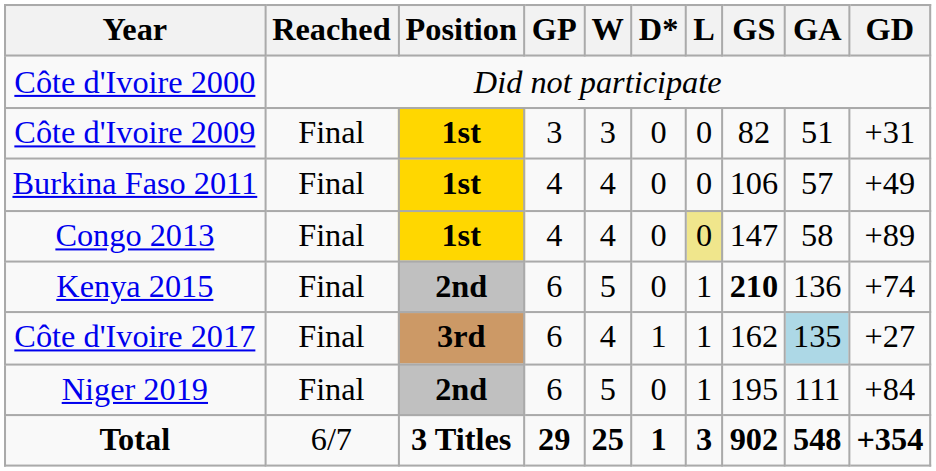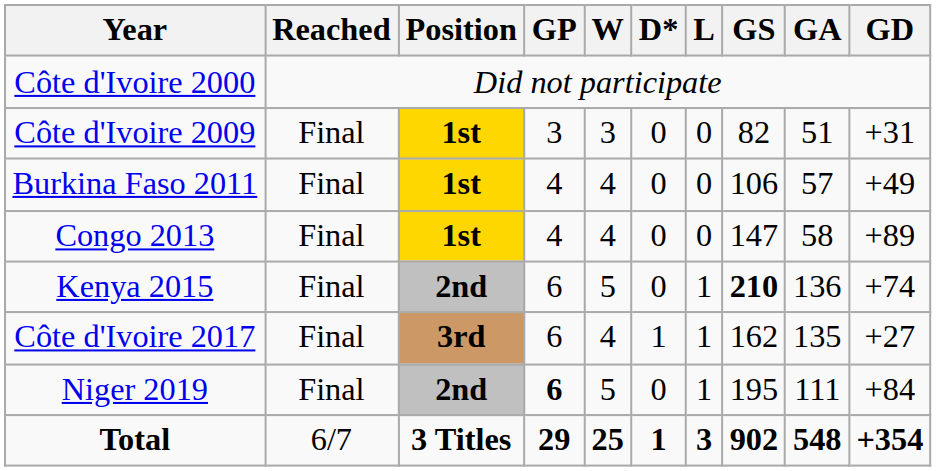 <table class="wikitable" style="text-align: center;">
 <tr>
 <th>Year</th>
 <th>Reached</th>
 <th>Position</th>
 <th>GP</th>
 <th>W</th>
 <th>D*</th>
 <th>L</th>
 <th>GS</th>
 <th>GA</th>
 <th>GD</th>
 </tr>
 <tr>
 <td><a href='#'>Côte d'Ivoire 2000</a></td>
 <td colspan="9"><em>Did not participate</em></td>
 </tr>
 <tr>
 <td><a href='#'>Côte d'Ivoire 2009</a></td>
 <td>Final</td>
 <td bgcolor=gold><strong>1st</strong></td>
 <td>3</td>
 <td>3</td>
 <td>0</td>
 <td>0</td>
 <td>82</td>
 <td>51</td>
 <td>+31</td>
 </tr>
 <tr>
 <td><a href='#'>Burkina Faso 2011</a></td>
 <td>Final</td>
 <td bgcolor=gold><strong>1st</strong></td>
 <td>4</td>
 <td>4</td>
 <td>0</td>
 <td>0</td>
 <td>106</td>
 <td>57</td>
 <td>+49</td>
 </tr>
 <tr>
 <td><a href='#'>Congo 2013</a></td>
 <td>Final</td>
 <td bgcolor=gold><strong>1st</strong></td>
 <td>4</td>
 <td>4</td>
 <td>0</td>
-<td style="background: khaki;">0</td>
+<td>0</td>
 <td>147</td>
 <td>58</td>
 <td>+89</td>
 </tr>
 <tr>
 <td><a href='#'>Kenya 2015</a></td>
 <td>Final</td>
 <td bgcolor=silver><strong>2nd</strong></td>
 <td>6</td>
 <td>5</td>
 <td>0</td>
 <td>1</td>
 <td><strong>210</strong></td>
 <td>136</td>
 <td>+74</td>
 </tr>
 <tr>
 <td><a href='#'>Côte d'Ivoire 2017</a></td>
 <td>Final</td>
 <td bgcolor=#cc9966><strong>3rd</strong></td>
 <td>6</td>
 <td>4</td>
 <td>1</td>
 <td>1</td>
 <td>162</td>
-<td style="background: lightblue;">135</td>
+<td>135</td>
 <td>+27</td>
 </tr>
 <tr>
 <td><a href='#'>Niger 2019</a></td>
 <td>Final</td>
 <td bgcolor=silver><strong>2nd</strong></td>
-<td>6</td>
+<td><strong>6</strong></td>
 <td>5</td>
 <td>0</td>
 <td>1</td>
 <td>195</td>
 <td>111</td>
 <td>+84</td>
 </tr>
 <tr>
 <td><strong>Total</strong></td>
 <td>6/7</td>
 <td><strong>3 Titles</strong></td>
 <td><strong>29</strong></td>
 <td><strong>25</strong></td>
 <td><strong>1</strong></td>
 <td><strong>3</strong></td>
 <td><strong>902</strong></td>
 <td><strong>548</strong></td>
 <td><strong>+354</strong></td>
 </tr>
 </table>
